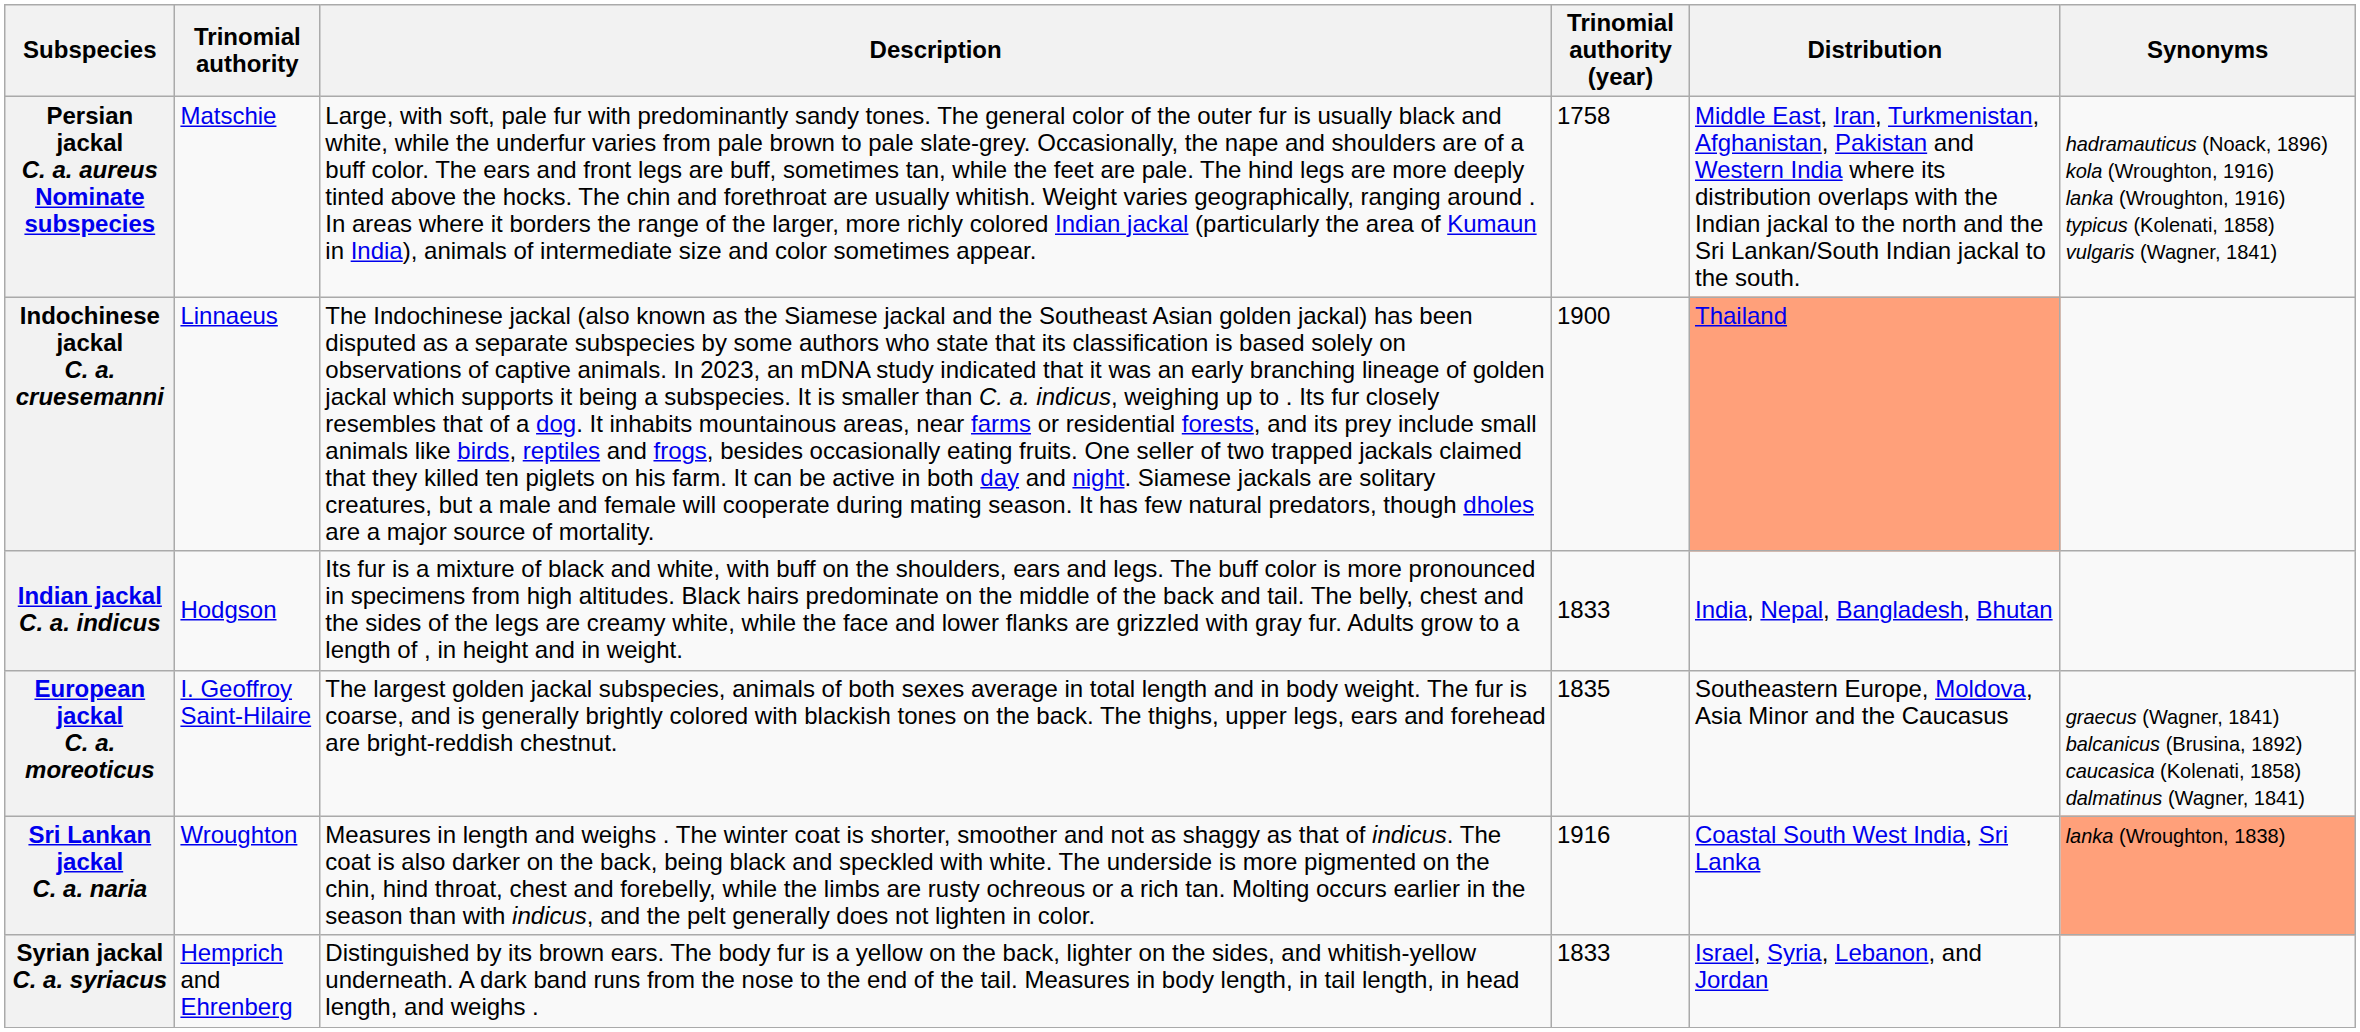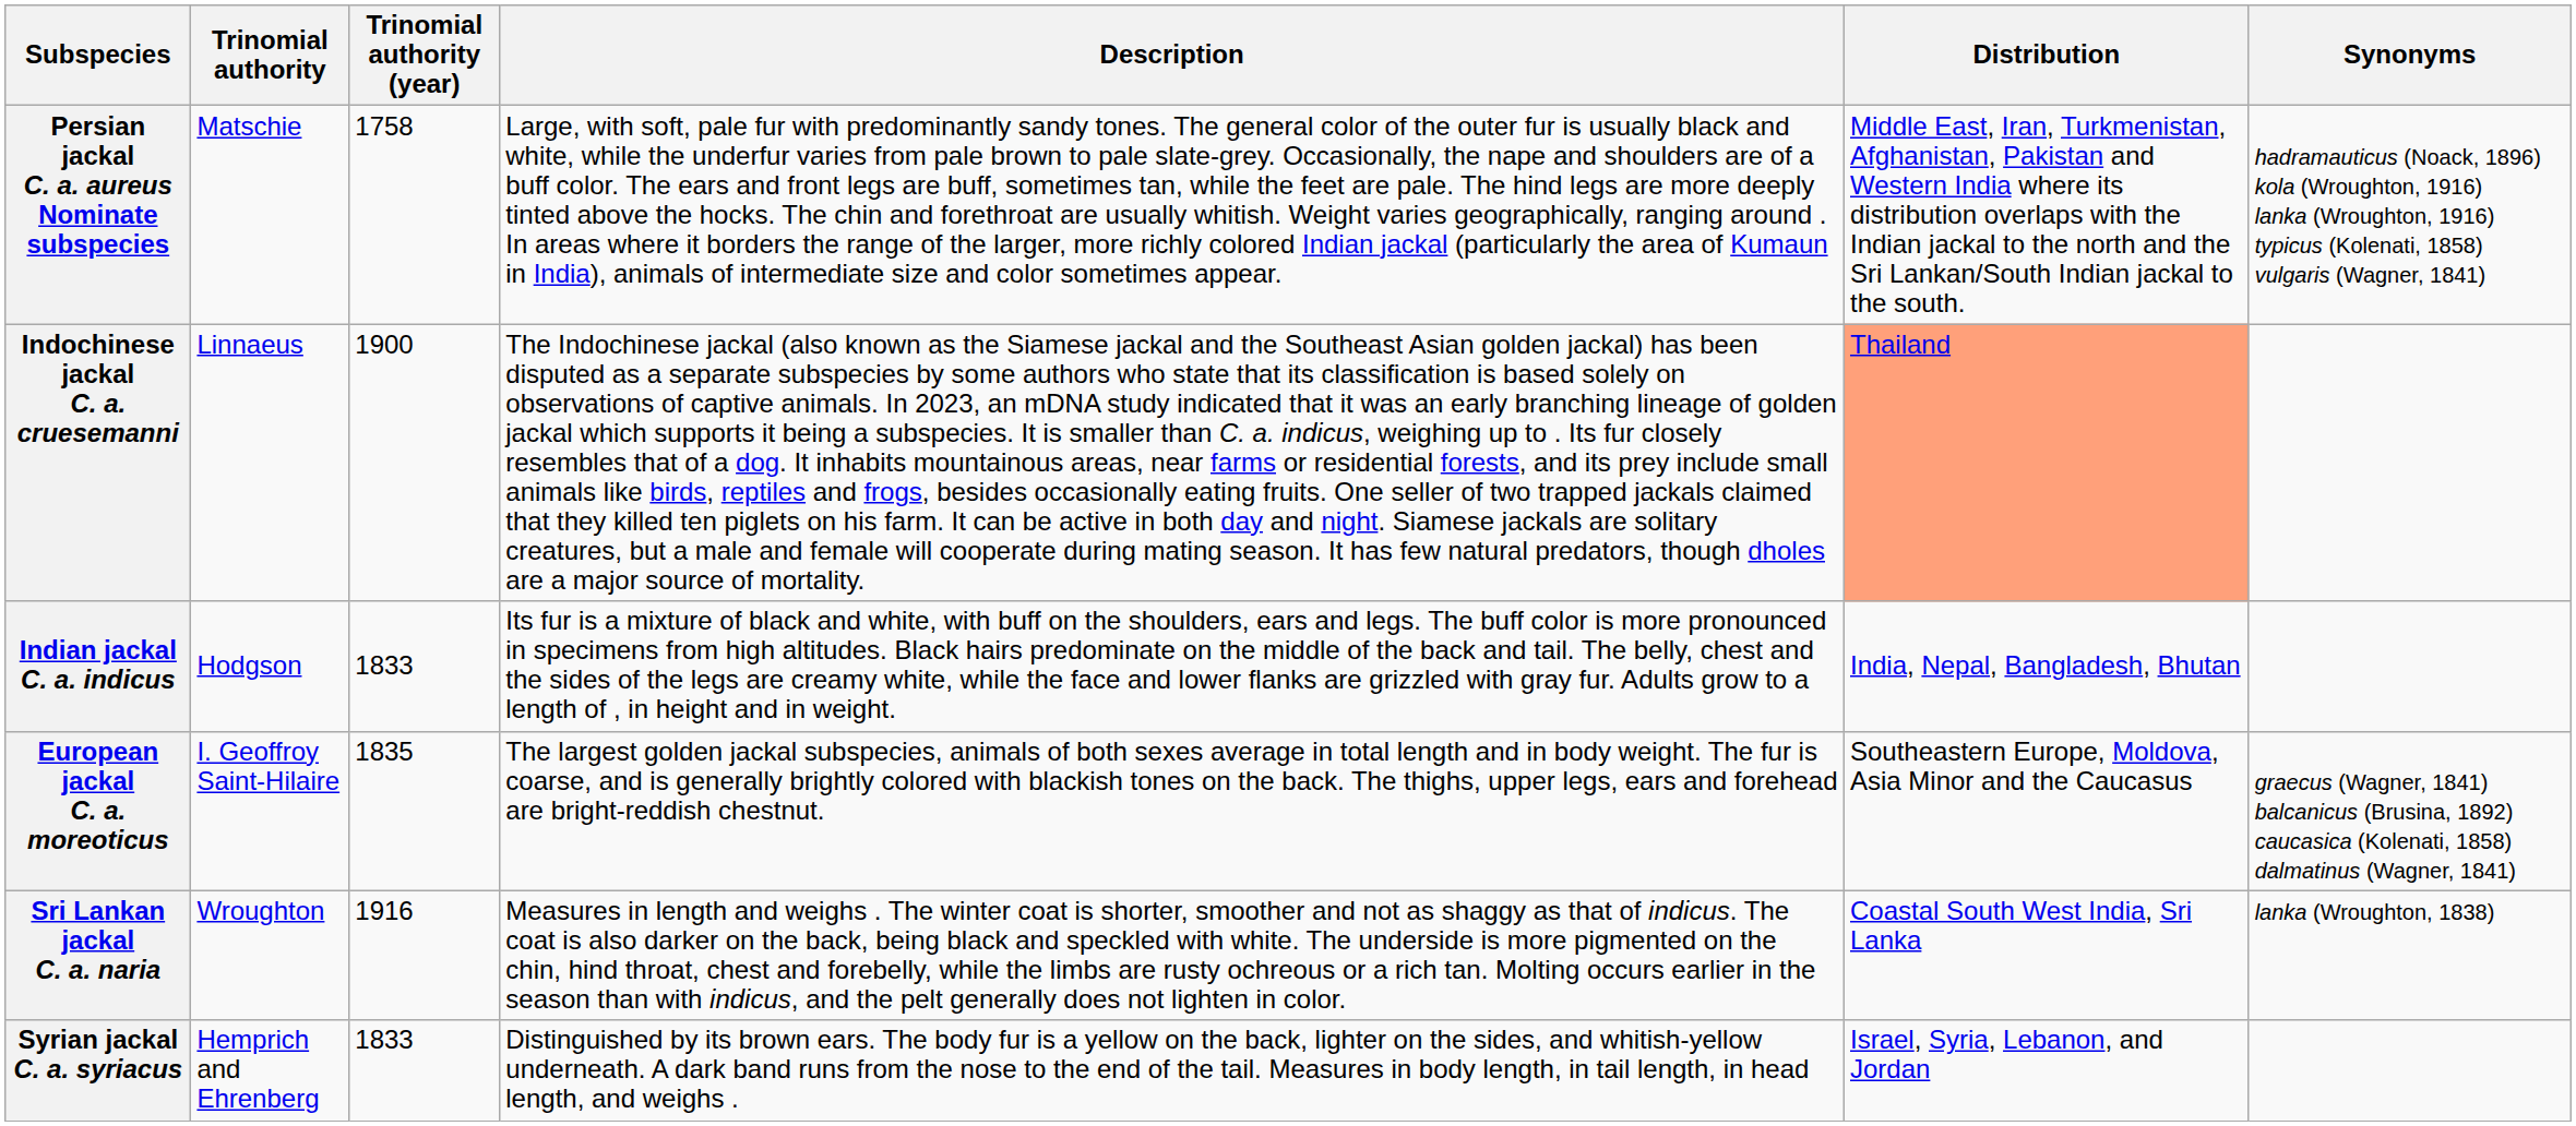 <table class="wikitable sortable">
 <tr>
 <th scope="col">Subspecies</th>
 <th scope="col">Trinomial authority</th>
+<th>Trinomial authority (year)</th>
 <th scope="col">Description</th>
-<th>Trinomial authority (year)</th>
 <th scope="col">Distribution</th>
 <th scope="col">Synonyms</th>
 </tr>
 <tr style="vertical-align: top;">
 <th scope="row">Persian jackal<br><em>C. a. aureus</em><br><a href='#'>Nominate subspecies</a> </th>
 <td><a href='#'>Matschie</a></td>
+<td>1758</td>
 <td>Large, with soft, pale fur with predominantly sandy tones. The general color of the outer fur is usually black and white, while the underfur varies from pale brown to pale slate-grey. Occasionally, the nape and shoulders are of a buff color. The ears and front legs are buff, sometimes tan, while the feet are pale. The hind legs are more deeply tinted above the hocks. The chin and forethroat are usually whitish. Weight varies geographically, ranging around . In areas where it borders the range of the larger, more richly colored <a href='#'>Indian jackal</a> (particularly the area of <a href='#'>Kumaun</a> in <a href='#'>India</a>), animals of intermediate size and color sometimes appear.</td>
-<td>1758</td>
 <td><a href='#'>Middle East</a>, <a href='#'>Iran</a>, <a href='#'>Turkmenistan</a>, <a href='#'>Afghanistan</a>, <a href='#'>Pakistan</a> and <a href='#'>Western India</a> where its distribution overlaps with the Indian jackal to the north and the Sri Lankan/South Indian jackal to the south.</td>
 <td><br><small><em>hadramauticus</em> (Noack, 1896)</small><br> <small><em>kola</em> (Wroughton, 1916)</small><br> <small><em>lanka</em> (Wroughton, 1916)</small><br> <small><em>typicus</em> (Kolenati, 1858)</small><br> <small><em>vulgaris</em> (Wagner, 1841)</small></td>
 </tr>
 <tr style="vertical-align: top;">
 <th scope="row">Indochinese jackal<br><em>C. a. cruesemanni</em> </th>
 <td><a href='#'>Linnaeus</a></td>
+<td>1900</td>
 <td>The Indochinese jackal (also known as the Siamese jackal and the Southeast Asian golden jackal) has been disputed as a separate subspecies by some authors who state that its classification is based solely on observations of captive animals. In 2023, an mDNA study indicated that it was an early branching lineage of golden jackal which supports it being a subspecies. It is smaller than <em>C. a. indicus</em>, weighing up to . Its fur closely resembles that of a <a href='#'>dog</a>. It inhabits mountainous areas, near <a href='#'>farms</a> or residential <a href='#'>forests</a>, and its prey include small animals like <a href='#'>birds</a>, <a href='#'>reptiles</a> and <a href='#'>frogs</a>, besides occasionally eating fruits. One seller of two trapped jackals claimed that they killed ten piglets on his farm. It can be active in both <a href='#'>day</a> and <a href='#'>night</a>. Siamese jackals are solitary creatures, but a male and female will cooperate during mating season. It has few natural predators, though <a href='#'>dholes</a> are a major source of mortality.</td>
-<td>1900</td>
 <td style="background: lightsalmon;"><a href='#'>Thailand</a></td>
 <td></td>
 </tr>
 <tr>
 <th scope="row"><a href='#'>Indian jackal</a><br><em>C. a. indicus</em> </th>
 <td><a href='#'>Hodgson</a></td>
+<td>1833</td>
 <td>Its fur is a mixture of black and white, with buff on the shoulders, ears and legs. The buff color is more pronounced in specimens from high altitudes. Black hairs predominate on the middle of the back and tail. The belly, chest and the sides of the legs are creamy white, while the face and lower flanks are grizzled with gray fur. Adults grow to a length of ,  in height and  in weight.</td>
-<td>1833</td>
 <td><a href='#'>India</a>, <a href='#'>Nepal</a>, <a href='#'>Bangladesh</a>, <a href='#'>Bhutan</a></td>
 <td></td>
 </tr>
 <tr style="vertical-align: top;">
 <th scope="row"><a href='#'>European jackal</a><br><em>C. a. moreoticus</em> </th>
 <td><a href='#'>I. Geoffroy Saint-Hilaire</a></td>
+<td>1835</td>
 <td>The largest golden jackal subspecies, animals of both sexes average  in total length and  in body weight. The fur is coarse, and is generally brightly colored with blackish tones on the back. The thighs, upper legs, ears and forehead are bright-reddish chestnut.</td>
-<td>1835</td>
 <td>Southeastern Europe, <a href='#'>Moldova</a>, Asia Minor and the Caucasus</td>
 <td><br><small><em>graecus</em> (Wagner, 1841)</small> <small><em>balcanicus</em> (Brusina, 1892)</small><br> <small><em>caucasica</em> (Kolenati, 1858)</small><br> <small><em>dalmatinus</em> (Wagner, 1841)</small></td>
 </tr>
 <tr style="vertical-align: top;">
 <th scope="row"><a href='#'>Sri Lankan jackal</a><br><em>C. a. naria</em> </th>
 <td><a href='#'>Wroughton</a></td>
+<td>1916</td>
 <td>Measures  in length and weighs . The winter coat is shorter, smoother and not as shaggy as that of <em>indicus</em>. The coat is also darker on the back, being black and speckled with white. The underside is more pigmented on the chin, hind throat, chest and forebelly, while the limbs are rusty ochreous or a rich tan. Molting occurs earlier in the season than with <em>indicus</em>, and the pelt generally does not lighten in color.</td>
-<td>1916</td>
 <td><a href='#'>Coastal South West India</a>, <a href='#'>Sri Lanka</a></td>
-<td style="background: lightsalmon;"><small><em>lanka</em> (Wroughton, 1838)</small></td>
+<td><small><em>lanka</em> (Wroughton, 1838)</small></td>
 </tr>
 <tr style="vertical-align: top;">
 <th scope="row">Syrian jackal<br><em>C. a. syriacus</em> </th>
 <td><a href='#'>Hemprich</a> and <a href='#'>Ehrenberg</a></td>
+<td>1833</td>
 <td>Distinguished by its brown ears. The body fur is a yellow on the back, lighter on the sides, and whitish-yellow underneath. A dark band runs from the nose to the end of the tail. Measures  in body length,  in tail length,  in head length, and weighs .</td>
-<td>1833</td>
 <td><a href='#'>Israel</a>, <a href='#'>Syria</a>, <a href='#'>Lebanon</a>, and <a href='#'>Jordan</a></td>
 <td></td>
 </tr>
 </table>
